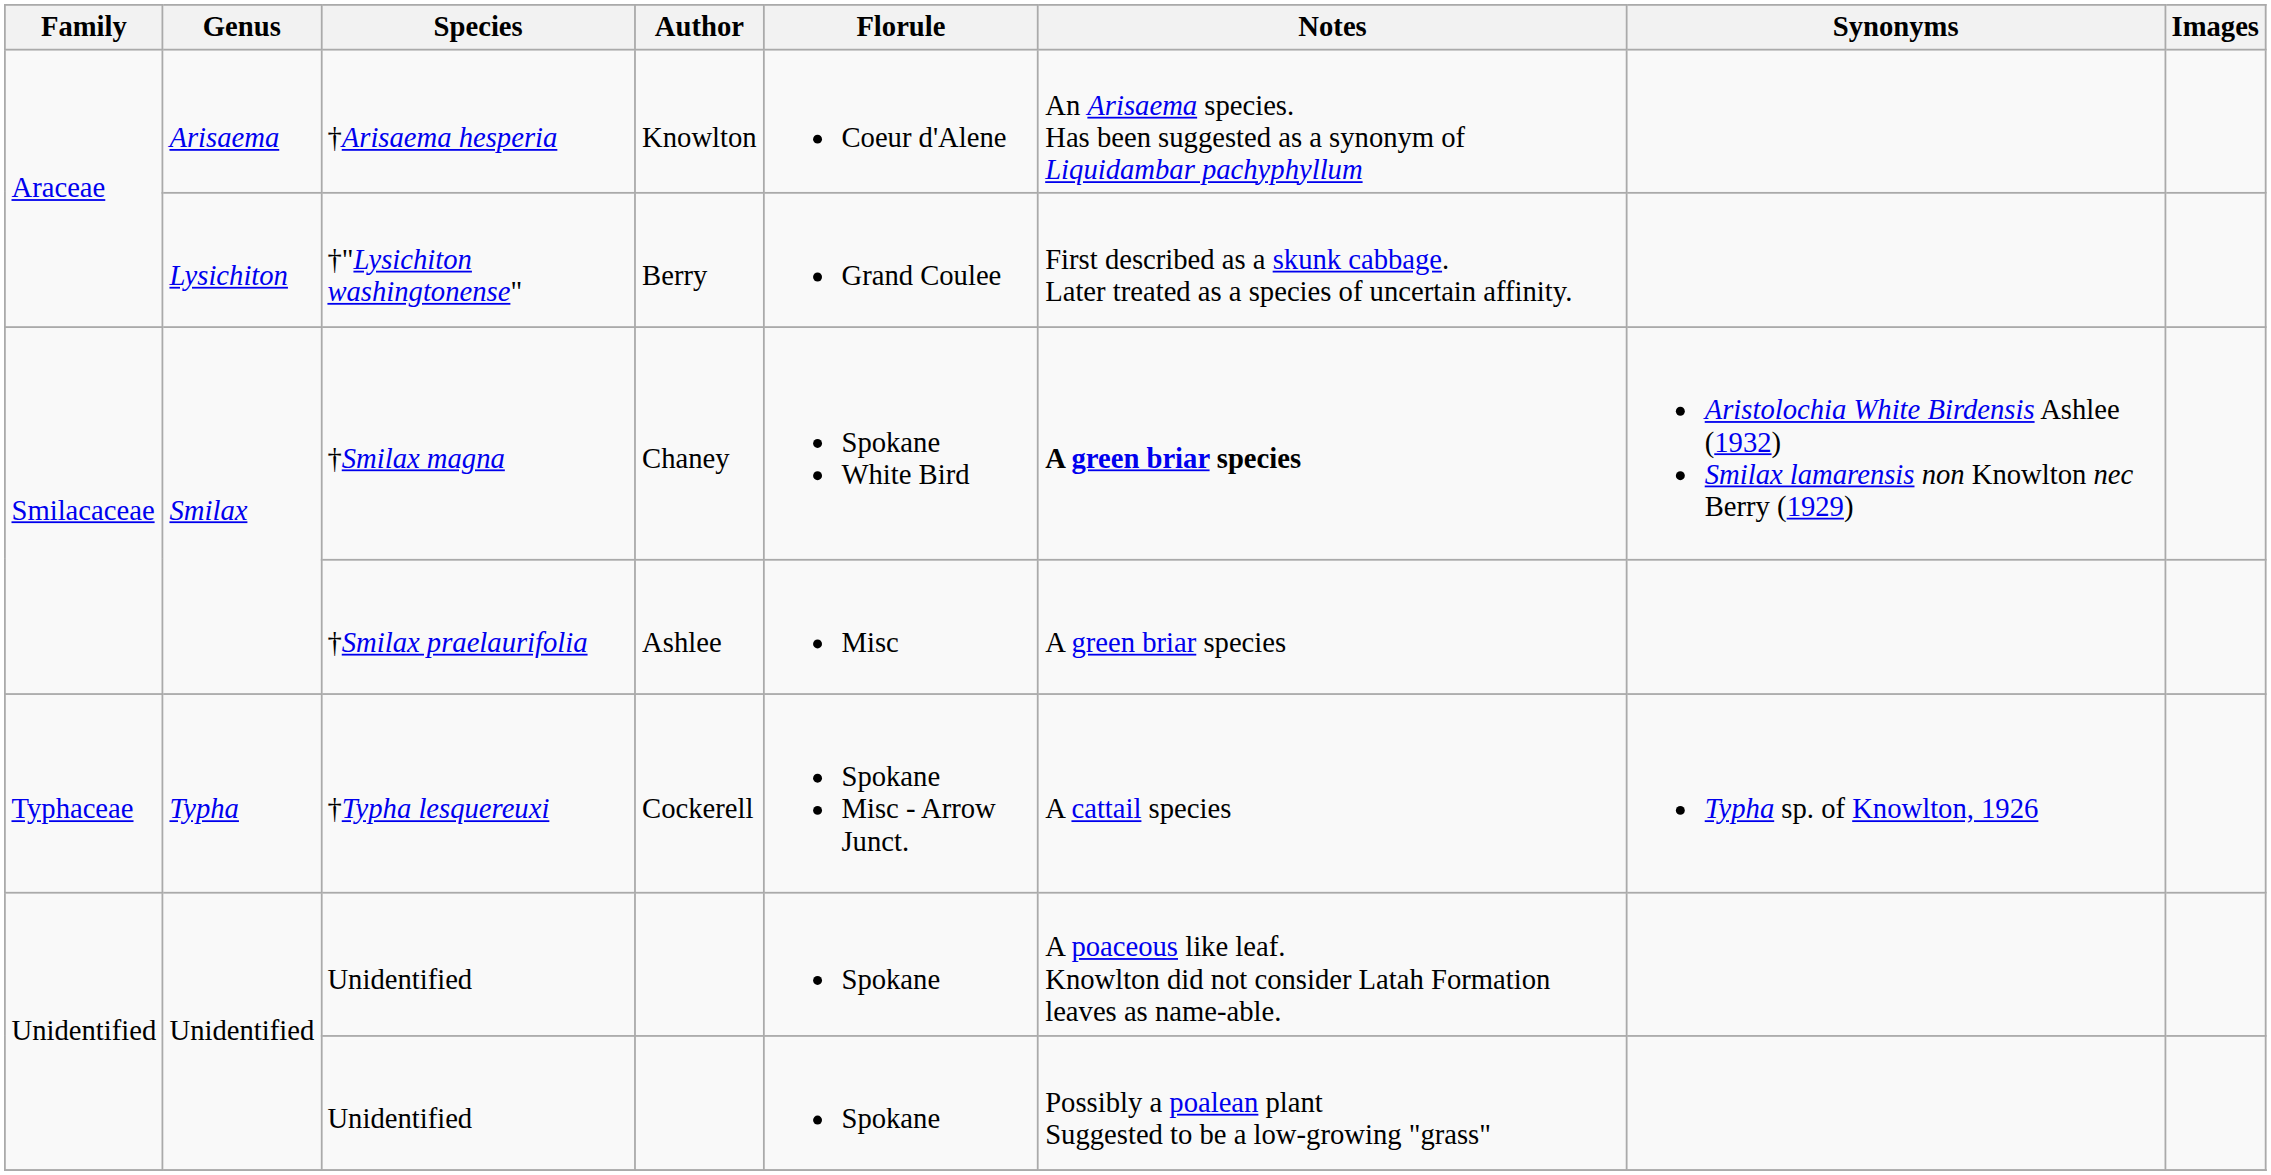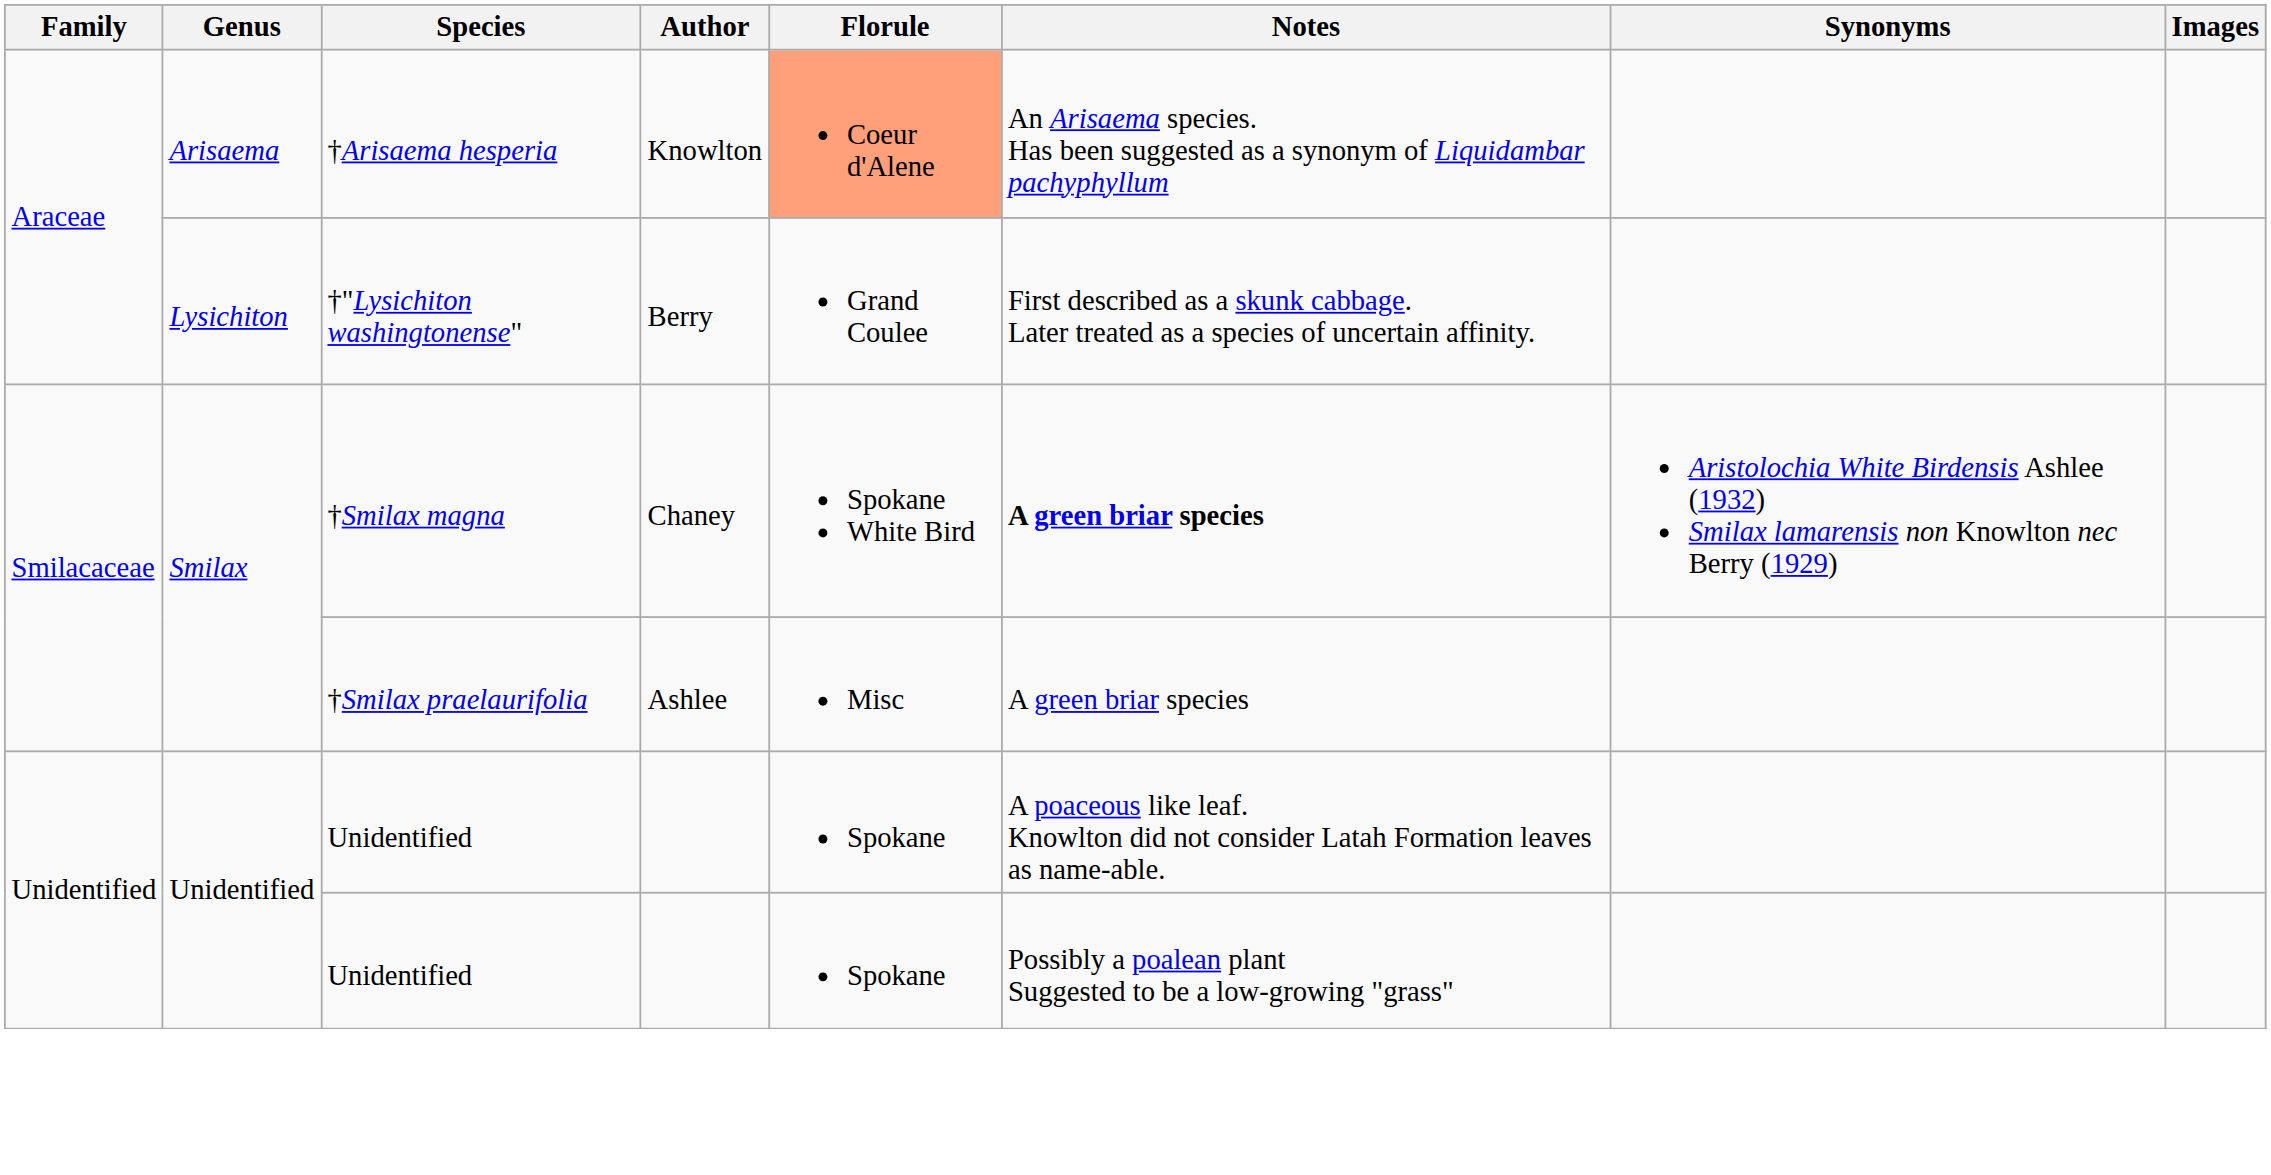 <table class="wikitable sortable mw-collapsible" style="margin:auto; width:100%">
 <tr>
 <th>Family</th>
 <th>Genus</th>
 <th>Species</th>
 <th>Author</th>
 <th>Florule</th>
 <th>Notes</th>
 <th>Synonyms</th>
 <th>Images</th>
 </tr>
 <tr>
 <td rowspan=2><a href='#'>Araceae</a></td>
 <td><br><em><a href='#'>Arisaema</a></em></td>
 <td><br>†<em><a href='#'>Arisaema hesperia</a></em></td>
 <td><br>Knowlton</td>
-<td><br><ul><li>Coeur d'Alene</li></ul></td>
+<td style="background: lightsalmon;"><br><ul><li>Coeur d'Alene</li></ul></td>
 <td><br>An <em><a href='#'>Arisaema</a></em> species.<br> Has been suggested as a synonym of <em><a href='#'>Liquidambar pachyphyllum</a></em></td>
 <td></td>
 <td><br></td>
 </tr>
 <tr>
 <td><br><em><a href='#'>Lysichiton</a></em></td>
 <td><br>†"<em><a href='#'>Lysichiton washingtonense</a></em>"</td>
 <td><br>Berry</td>
 <td><br><ul><li>Grand Coulee</li></ul></td>
 <td><br>First described as a <a href='#'>skunk cabbage</a>.<br>Later treated as a species of uncertain affinity.</td>
 <td></td>
 <td><br></td>
 </tr>
 <tr>
 <td rowspan=2><a href='#'>Smilacaceae</a></td>
 <td rowspan=2><em><a href='#'>Smilax</a></em></td>
 <td><br>†<em><a href='#'>Smilax magna</a></em></td>
 <td><br>Chaney</td>
 <td><br><ul><li>Spokane</li><li>White Bird</li></ul></td>
 <td><strong><br>A <a href='#'>green briar</a> species</strong></td>
 <td><br><ul><li><em><a href='#'>Aristolochia White Birdensis</a></em> Ashlee (<a href='#'>1932</a>)</li><li><em><a href='#'>Smilax lamarensis</a></em> <em>non</em> Knowlton <em>nec</em> Berry (<a href='#'>1929</a>)</li></ul></td>
 <td><br></td>
 </tr>
 <tr>
 <td><br>†<em><a href='#'>Smilax praelaurifolia</a></em></td>
 <td><br>Ashlee</td>
 <td><br><ul><li>Misc</li></ul></td>
 <td><br>A <a href='#'>green briar</a> species</td>
 <td></td>
 <td></td>
 </tr>
 <tr>
-<td><br><a href='#'>Typhaceae</a></td>
-<td><br><em><a href='#'>Typha</a></em></td>
-<td><br>†<em><a href='#'>Typha lesquereuxi</a></em></td>
-<td><br>Cockerell</td>
-<td><br><ul><li>Spokane</li><li>Misc - Arrow Junct.</li></ul></td>
-<td><br>A <a href='#'>cattail</a> species</td>
-<td><br><ul><li><em><a href='#'>Typha</a></em> sp. of <a href='#'>Knowlton, 1926</a></li></ul></td>
-<td><br></td>
-</tr>
-<tr>
 <td rowspan=2>Unidentified</td>
 <td rowspan=2>Unidentified</td>
 <td><br>Unidentified</td>
 <td></td>
 <td><br><ul><li>Spokane</li></ul></td>
 <td><br>A <a href='#'>poaceous</a> like leaf.<br>Knowlton did not consider Latah Formation leaves as name-able.</td>
 <td></td>
 <td><br></td>
 </tr>
 <tr>
 <td><br>Unidentified</td>
 <td></td>
 <td><br><ul><li>Spokane</li></ul></td>
 <td><br>Possibly a <a href='#'>poalean</a> plant<br>Suggested to be a low-growing "grass"</td>
 <td></td>
 <td><br></td>
 </tr>
 <tr>
 </tr>
 </table>
